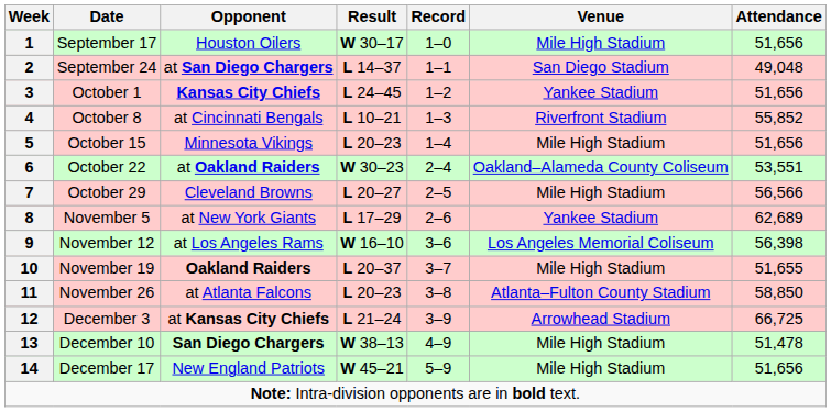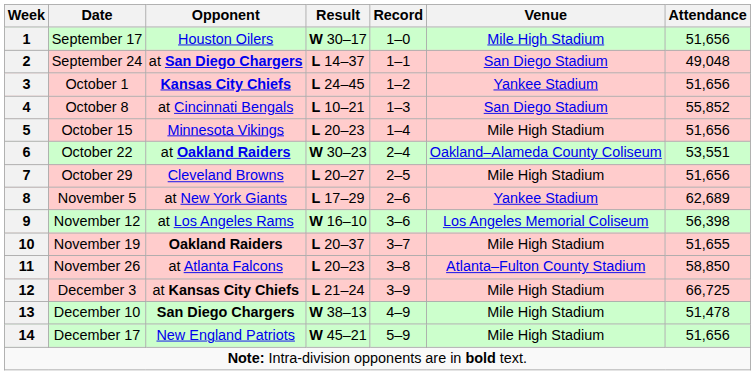 <table class="wikitable" style="text-align:center">
 <tr>
 <th>Week</th>
 <th>Date</th>
 <th>Opponent</th>
 <th>Result</th>
 <th>Record</th>
 <th>Venue</th>
 <th>Attendance</th>
 </tr>
 <tr style="background:#cfc">
 <th>1</th>
 <td>September 17</td>
 <td><a href='#'>Houston Oilers</a></td>
 <td><strong>W</strong> 30–17</td>
 <td>1–0</td>
 <td><a href='#'>Mile High Stadium</a></td>
 <td>51,656</td>
 </tr>
 <tr style="background:#fcc">
 <th>2</th>
 <td>September 24</td>
 <td>at <strong><a href='#'>San Diego Chargers</a></strong></td>
 <td><strong>L</strong> 14–37</td>
 <td>1–1</td>
 <td><a href='#'>San Diego Stadium</a></td>
 <td>49,048</td>
 </tr>
 <tr style="background:#fcc">
 <th>3</th>
 <td>October 1</td>
 <td><strong><a href='#'>Kansas City Chiefs</a></strong></td>
 <td><strong>L</strong> 24–45</td>
 <td>1–2</td>
 <td><a href='#'>Yankee Stadium</a></td>
 <td>51,656</td>
 </tr>
 <tr style="background:#fcc">
 <th>4</th>
 <td>October 8</td>
 <td>at <a href='#'>Cincinnati Bengals</a></td>
 <td><strong>L</strong> 10–21</td>
 <td>1–3</td>
-<td><a href='#'>Riverfront Stadium</a></td>
+<td><a href='#'>San Diego Stadium</a></td>
 <td>55,852</td>
 </tr>
 <tr style="background:#fcc">
 <th>5</th>
 <td>October 15</td>
 <td><a href='#'>Minnesota Vikings</a></td>
 <td><strong>L</strong> 20–23</td>
 <td>1–4</td>
 <td>Mile High Stadium</td>
 <td>51,656</td>
 </tr>
 <tr style="background:#cfc">
 <th>6</th>
 <td>October 22</td>
 <td>at <strong><a href='#'>Oakland Raiders</a></strong></td>
 <td><strong>W</strong> 30–23</td>
 <td>2–4</td>
 <td><a href='#'>Oakland–Alameda County Coliseum</a></td>
 <td>53,551</td>
 </tr>
 <tr style="background:#fcc">
 <th>7</th>
 <td>October 29</td>
 <td><a href='#'>Cleveland Browns</a></td>
 <td><strong>L</strong> 20–27</td>
 <td>2–5</td>
 <td>Mile High Stadium</td>
-<td>56,566</td>
+<td>51,656</td>
 </tr>
 <tr style="background:#fcc">
 <th>8</th>
 <td>November 5</td>
 <td>at <a href='#'>New York Giants</a></td>
 <td><strong>L</strong> 17–29</td>
 <td>2–6</td>
 <td><a href='#'>Yankee Stadium</a></td>
 <td>62,689</td>
 </tr>
 <tr style="background:#cfc">
 <th>9</th>
 <td>November 12</td>
 <td>at <a href='#'>Los Angeles Rams</a></td>
 <td><strong>W</strong> 16–10</td>
 <td>3–6</td>
 <td><a href='#'>Los Angeles Memorial Coliseum</a></td>
 <td>56,398</td>
 </tr>
 <tr style="background:#fcc">
 <th>10</th>
 <td>November 19</td>
 <td><strong>Oakland Raiders</strong></td>
 <td><strong>L</strong> 20–37</td>
 <td>3–7</td>
 <td>Mile High Stadium</td>
 <td>51,655</td>
 </tr>
 <tr style="background:#fcc">
 <th>11</th>
 <td>November 26</td>
 <td>at <a href='#'>Atlanta Falcons</a></td>
 <td><strong>L</strong> 20–23</td>
 <td>3–8</td>
 <td><a href='#'>Atlanta–Fulton County Stadium</a></td>
 <td>58,850</td>
 </tr>
 <tr style="background:#fcc">
 <th>12</th>
 <td>December 3</td>
 <td>at <strong>Kansas City Chiefs</strong></td>
 <td><strong>L</strong> 21–24</td>
 <td>3–9</td>
-<td><a href='#'>Arrowhead Stadium</a></td>
+<td>Mile High Stadium</td>
 <td>66,725</td>
 </tr>
 <tr style="background:#cfc">
 <th>13</th>
 <td>December 10</td>
 <td><strong>San Diego Chargers</strong></td>
 <td><strong>W</strong> 38–13</td>
 <td>4–9</td>
 <td>Mile High Stadium</td>
 <td>51,478</td>
 </tr>
 <tr style="background:#cfc">
 <th>14</th>
 <td>December 17</td>
 <td><a href='#'>New England Patriots</a></td>
 <td><strong>W</strong> 45–21</td>
 <td>5–9</td>
 <td>Mile High Stadium</td>
 <td>51,656</td>
 </tr>
 <tr>
 <td colspan="8"><strong>Note:</strong> Intra-division opponents are in <strong>bold</strong> text.</td>
 </tr>
 </table>
